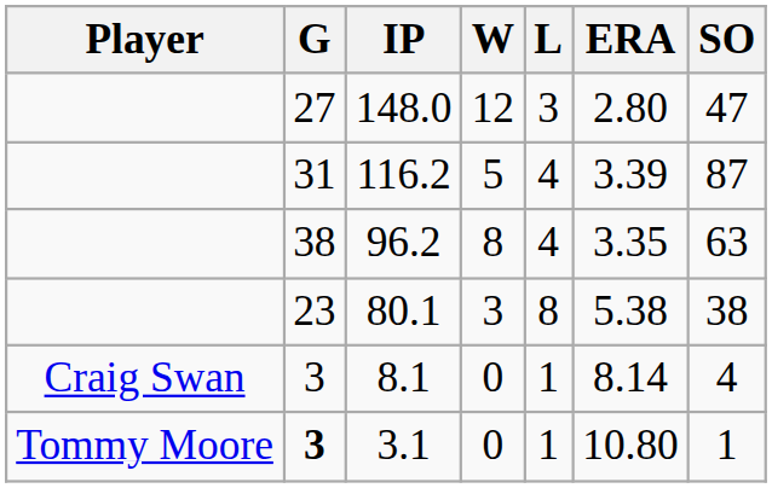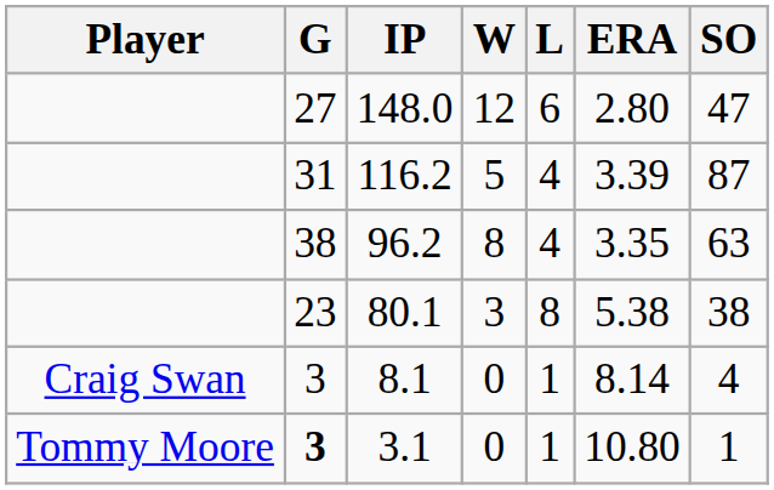 <table class="wikitable sortable">
 <tr>
 <th>Player</th>
 <th>G</th>
 <th>IP</th>
 <th>W</th>
 <th>L</th>
 <th>ERA</th>
 <th>SO</th>
 </tr>
 <tr align="center">
 <td></td>
 <td>27</td>
 <td>148.0</td>
 <td>12</td>
-<td>3</td>
+<td>6</td>
 <td>2.80</td>
 <td>47</td>
 </tr>
 <tr align="center">
 <td></td>
 <td>31</td>
 <td>116.2</td>
 <td>5</td>
 <td>4</td>
 <td>3.39</td>
 <td>87</td>
 </tr>
 <tr align="center">
 <td></td>
 <td>38</td>
 <td>96.2</td>
 <td>8</td>
 <td>4</td>
 <td>3.35</td>
 <td>63</td>
 </tr>
 <tr align="center">
 <td></td>
 <td>23</td>
 <td>80.1</td>
 <td>3</td>
 <td>8</td>
 <td>5.38</td>
 <td>38</td>
 </tr>
 <tr align="center">
 <td><a href='#'>Craig Swan</a></td>
 <td>3</td>
 <td>8.1</td>
 <td>0</td>
 <td>1</td>
 <td>8.14</td>
 <td>4</td>
 </tr>
 <tr align=center>
 <td><a href='#'>Tommy Moore</a></td>
 <td><strong>3</strong></td>
 <td>3.1</td>
 <td>0</td>
 <td>1</td>
 <td>10.80</td>
 <td>1</td>
 </tr>
 </table>
